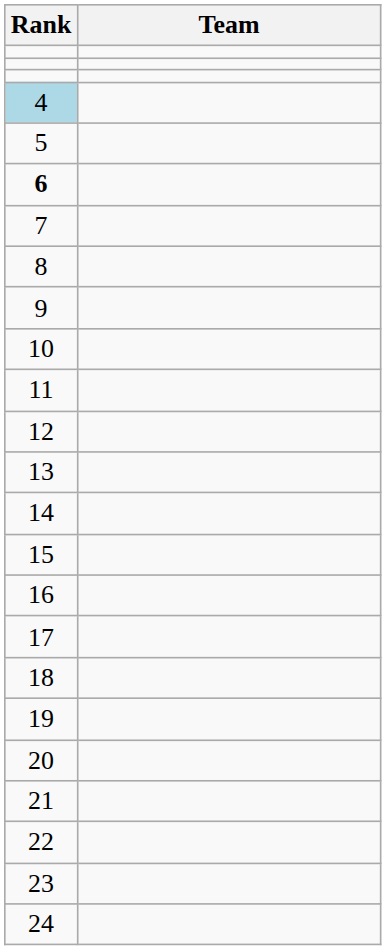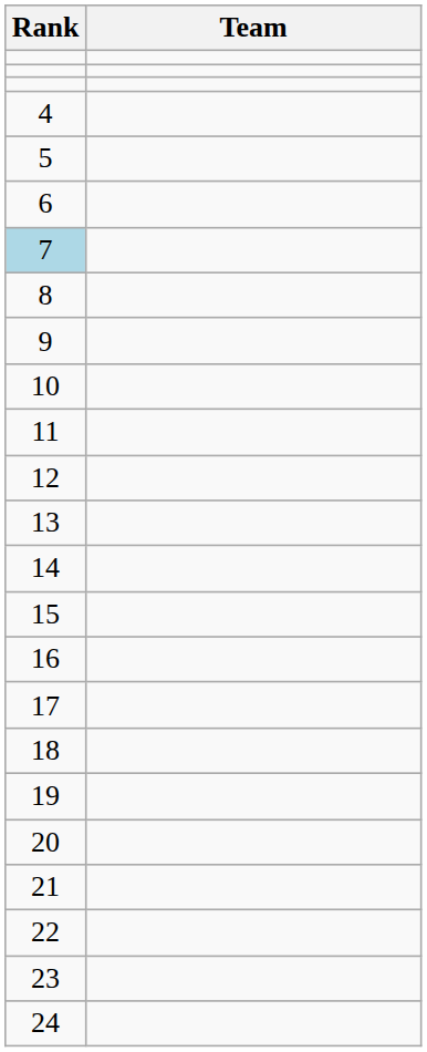 <table class=wikitable style="text-align:center;">
 <tr>
 <th>Rank</th>
 <th width=180>Team</th>
 </tr>
 <tr>
 <td></td>
 <td align=left></td>
 </tr>
 <tr>
 <td></td>
 <td align=left></td>
 </tr>
 <tr>
 <td></td>
 <td align=left></td>
 </tr>
 <tr>
-<td style="background: lightblue;">4</td>
+<td>4</td>
 <td align=left></td>
 </tr>
 <tr>
 <td>5</td>
 <td align=left></td>
 </tr>
 <tr>
-<td><strong>6</strong></td>
+<td>6</td>
 <td align=left></td>
 </tr>
 <tr>
-<td>7</td>
+<td style="background: lightblue;">7</td>
 <td align=left></td>
 </tr>
 <tr>
 <td>8</td>
 <td align=left></td>
 </tr>
 <tr>
 <td>9</td>
 <td align=left></td>
 </tr>
 <tr>
 <td>10</td>
 <td align=left></td>
 </tr>
 <tr>
 <td>11</td>
 <td align=left></td>
 </tr>
 <tr>
 <td>12</td>
 <td align=left></td>
 </tr>
 <tr>
 <td>13</td>
 <td align=left></td>
 </tr>
 <tr>
 <td>14</td>
 <td align=left></td>
 </tr>
 <tr>
 <td>15</td>
 <td align=left></td>
 </tr>
 <tr>
 <td>16</td>
 <td align=left></td>
 </tr>
 <tr>
 <td>17</td>
 <td align=left></td>
 </tr>
 <tr>
 <td>18</td>
 <td align=left></td>
 </tr>
 <tr>
 <td>19</td>
 <td align=left></td>
 </tr>
 <tr>
 <td>20</td>
 <td align=left></td>
 </tr>
 <tr>
 <td>21</td>
 <td align=left></td>
 </tr>
 <tr>
 <td>22</td>
 <td align=left></td>
 </tr>
 <tr>
 <td>23</td>
 <td align=left></td>
 </tr>
 <tr>
 <td>24</td>
 <td align=left></td>
 </tr>
 </table>
